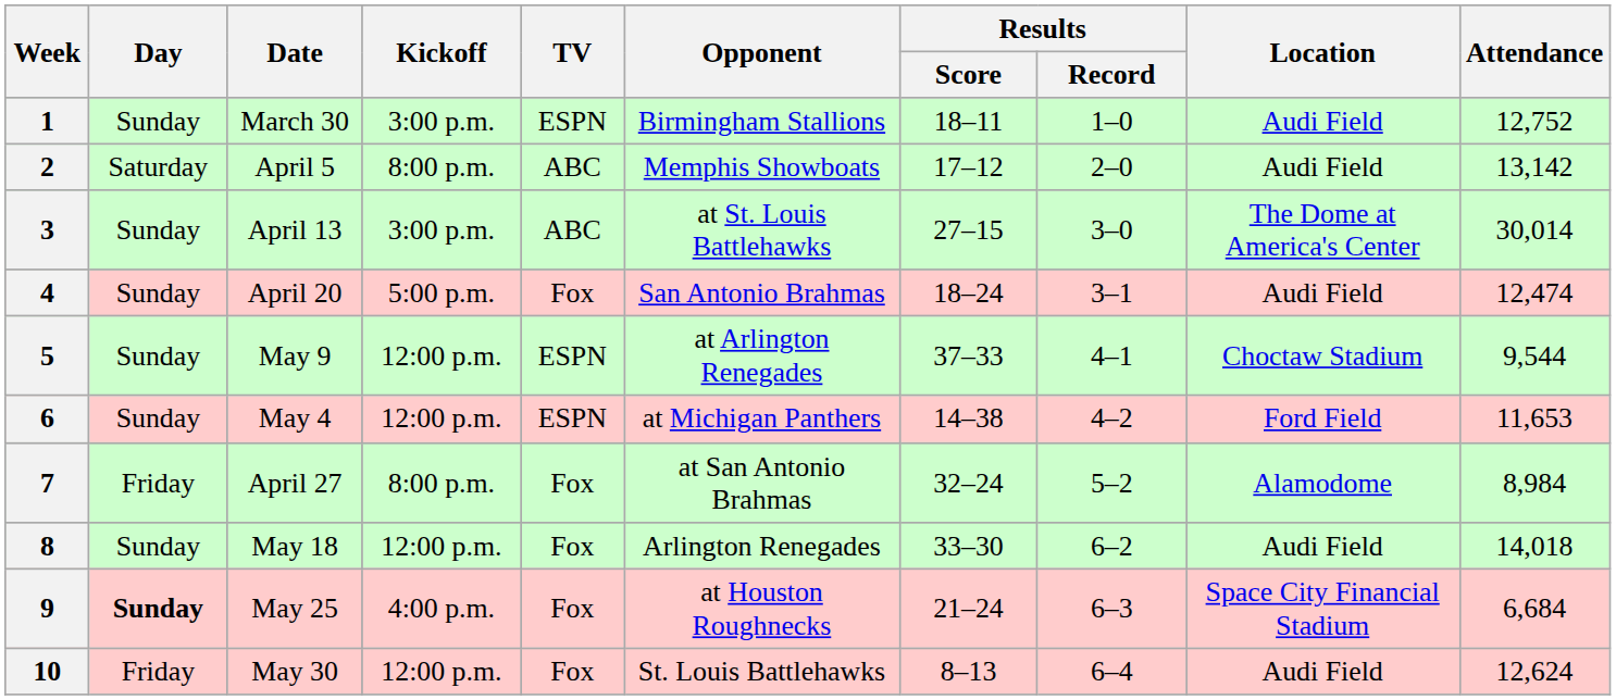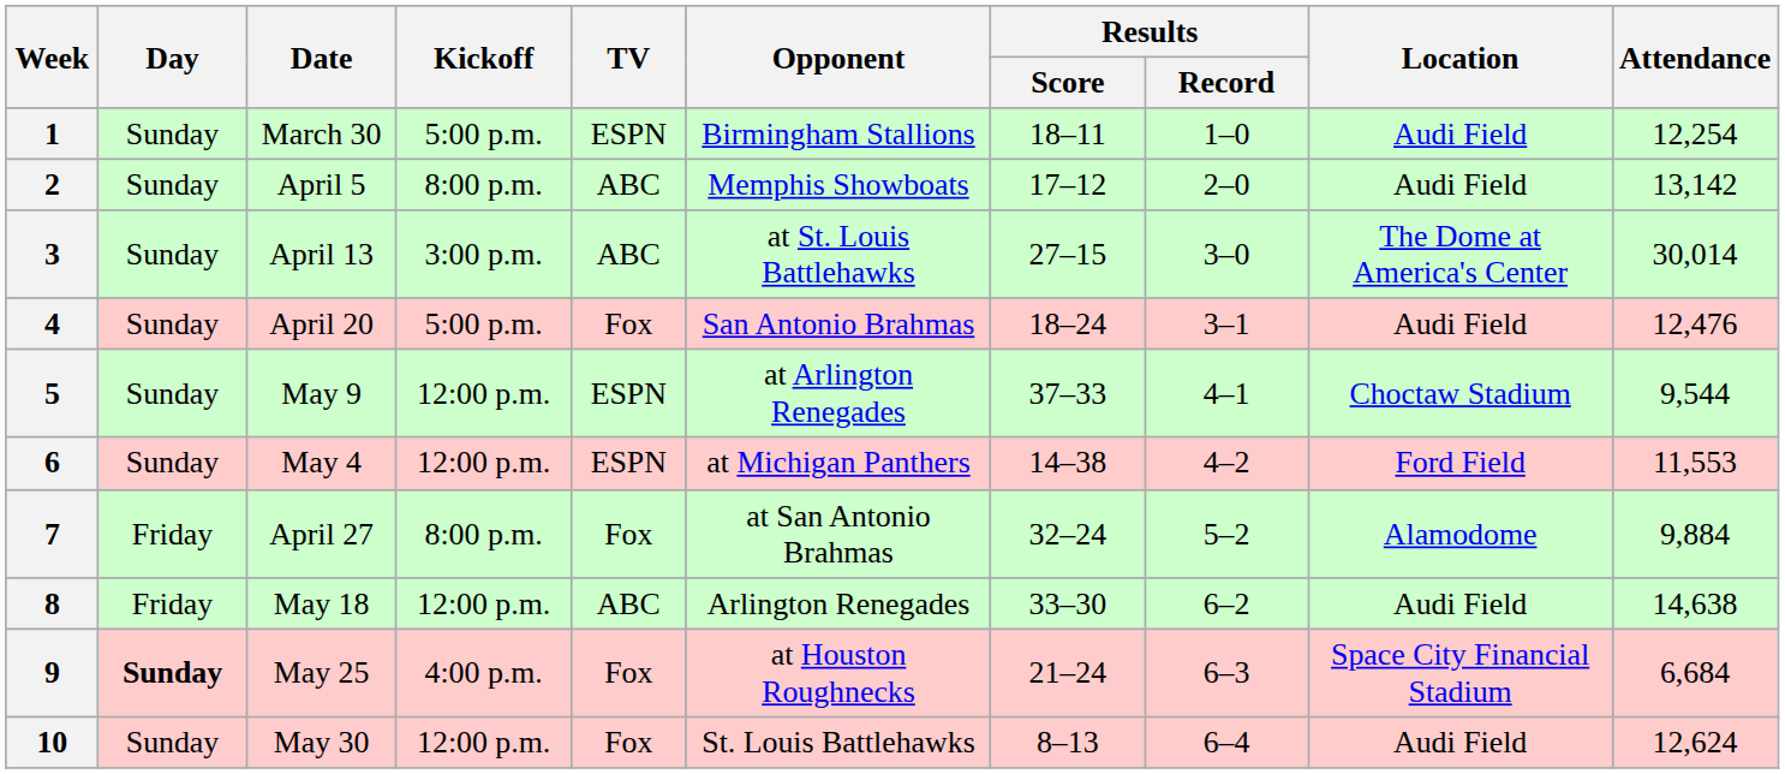 <table class="wikitable" style="text-align:center; font-size: 95%;">
 <tr>
 <th rowspan="2" width="40">Week</th>
 <th rowspan="2" width="80">Day</th>
 <th rowspan="2" width="90">Date</th>
 <th rowspan="2" width="90">Kickoff</th>
 <th rowspan="2" width="60">TV</th>
 <th rowspan="2" width="200">Opponent</th>
 <th colspan="2" width="200">Results</th>
 <th rowspan="2" width="200">Location</th>
 <th rowspan="2">Attendance</th>
 </tr>
 <tr>
 <th width="60">Score</th>
 <th width="60">Record</th>
 </tr>
 <tr style="background:#ccffcc">
 <th>1</th>
 <td>Sunday</td>
 <td>March 30</td>
-<td>3:00 p.m.</td>
+<td>5:00 p.m.</td>
 <td>ESPN</td>
 <td><a href='#'>Birmingham Stallions</a></td>
 <td>18–11</td>
 <td>1–0</td>
 <td><a href='#'>Audi Field</a></td>
-<td>12,752</td>
+<td>12,254</td>
 </tr>
 <tr style="background:#ccffcc">
 <th>2</th>
-<td>Saturday</td>
+<td>Sunday</td>
 <td>April 5</td>
 <td>8:00 p.m.</td>
 <td>ABC</td>
 <td><a href='#'>Memphis Showboats</a></td>
 <td>17–12</td>
 <td>2–0</td>
 <td>Audi Field</td>
 <td>13,142</td>
 </tr>
 <tr style="background:#ccffcc">
 <th>3</th>
 <td>Sunday</td>
 <td>April 13</td>
 <td>3:00 p.m.</td>
 <td>ABC</td>
 <td>at <a href='#'>St. Louis Battlehawks</a></td>
 <td>27–15</td>
 <td>3–0</td>
 <td><a href='#'>The Dome at America's Center</a></td>
 <td>30,014</td>
 </tr>
 <tr style="background:#ffcccc">
 <th>4</th>
 <td>Sunday</td>
 <td>April 20</td>
 <td>5:00 p.m.</td>
 <td>Fox</td>
 <td><a href='#'>San Antonio Brahmas</a></td>
 <td>18–24</td>
 <td>3–1</td>
 <td>Audi Field</td>
-<td>12,474</td>
+<td>12,476</td>
 </tr>
 <tr style="background:#ccffcc">
 <th>5</th>
 <td>Sunday</td>
 <td>May 9</td>
 <td>12:00 p.m.</td>
 <td>ESPN</td>
 <td>at <a href='#'>Arlington Renegades</a></td>
 <td>37–33</td>
 <td>4–1</td>
 <td><a href='#'>Choctaw Stadium</a></td>
 <td>9,544</td>
 </tr>
 <tr style="background:#ffcccc">
 <th>6</th>
 <td>Sunday</td>
 <td>May 4</td>
 <td>12:00 p.m.</td>
 <td>ESPN</td>
 <td>at <a href='#'>Michigan Panthers</a></td>
 <td>14–38</td>
 <td>4–2</td>
 <td><a href='#'>Ford Field</a></td>
-<td>11,653</td>
+<td>11,553</td>
 </tr>
 <tr style="background:#ccffcc">
 <th>7</th>
 <td>Friday</td>
 <td>April 27</td>
 <td>8:00 p.m.</td>
 <td>Fox</td>
 <td>at San Antonio Brahmas</td>
 <td>32–24</td>
 <td>5–2</td>
 <td><a href='#'>Alamodome</a></td>
-<td>8,984</td>
+<td>9,884</td>
 </tr>
 <tr style="background:#ccffcc">
 <th>8</th>
-<td>Sunday</td>
+<td>Friday</td>
 <td>May 18</td>
 <td>12:00 p.m.</td>
-<td>Fox</td>
+<td>ABC</td>
 <td>Arlington Renegades</td>
 <td>33–30</td>
 <td>6–2</td>
 <td>Audi Field</td>
-<td>14,018</td>
+<td>14,638</td>
 </tr>
 <tr style="background:#ffcccc">
 <th>9</th>
 <td><strong>Sunday</strong></td>
 <td>May 25</td>
 <td>4:00 p.m.</td>
 <td>Fox</td>
 <td>at <a href='#'>Houston Roughnecks</a></td>
 <td>21–24</td>
 <td>6–3</td>
 <td><a href='#'>Space City Financial Stadium</a></td>
 <td>6,684</td>
 </tr>
 <tr style="background:#ffcccc">
 <th>10</th>
-<td>Friday</td>
+<td>Sunday</td>
 <td>May 30</td>
 <td>12:00 p.m.</td>
 <td>Fox</td>
 <td>St. Louis Battlehawks</td>
 <td>8–13</td>
 <td>6–4</td>
 <td>Audi Field</td>
 <td>12,624</td>
 </tr>
 </table>
